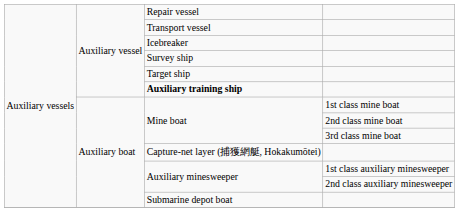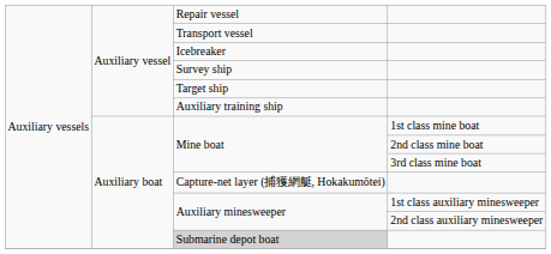 <table class="wikitable">
 <tr>
 <td rowspan="13">Auxiliary vessels</td>
 <td rowspan="6">Auxiliary vessel</td>
 <td>Repair vessel</td>
 <td></td>
 </tr>
 <tr>
 <td>Transport vessel</td>
 <td></td>
 </tr>
 <tr>
 <td>Icebreaker</td>
 <td></td>
 </tr>
 <tr>
 <td>Survey ship</td>
 <td></td>
 </tr>
 <tr>
 <td>Target ship</td>
 <td></td>
 </tr>
 <tr>
-<td><strong>Auxiliary training ship</strong></td>
+<td>Auxiliary training ship</td>
 <td></td>
 </tr>
 <tr>
 <td rowspan="7">Auxiliary boat</td>
 <td rowspan="3">Mine boat</td>
 <td>1st class mine boat</td>
 </tr>
 <tr>
 <td>2nd class mine boat</td>
 </tr>
 <tr>
 <td>3rd class mine boat</td>
 </tr>
 <tr>
 <td>Capture-net layer (捕獲網艇, Hokakumōtei)</td>
 <td></td>
 </tr>
 <tr>
 <td rowspan="2">Auxiliary minesweeper</td>
 <td>1st class auxiliary minesweeper</td>
 </tr>
 <tr>
 <td>2nd class auxiliary minesweeper</td>
 </tr>
 <tr>
-<td>Submarine depot boat</td>
+<td style="background: lightgrey;">Submarine depot boat</td>
 <td></td>
 </tr>
 <tr>
 </tr>
 </table>
